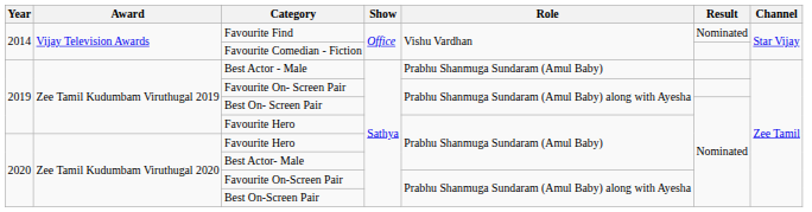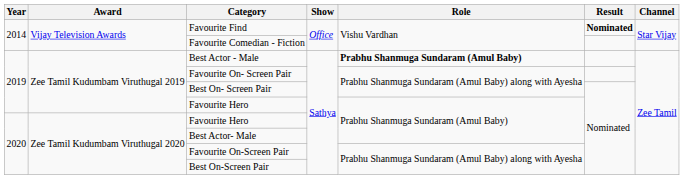 <table class = "wikitable">
 <tr>
 <th>Year</th>
 <th>Award</th>
 <th>Category</th>
 <th>Show</th>
 <th>Role</th>
 <th>Result</th>
 <th>Channel</th>
 </tr>
 <tr>
 <td rowspan="2">2014</td>
 <td rowspan="2"><a href='#'>Vijay Television Awards</a></td>
 <td>Favourite Find</td>
 <td rowspan="2"><em><a href='#'>Office</a></em></td>
 <td rowspan="2">Vishu Vardhan</td>
-<td>Nominated</td>
+<td><strong>Nominated</strong></td>
 <td rowspan="2"><a href='#'>Star Vijay</a></td>
 </tr>
 <tr>
 <td>Favourite Comedian - Fiction</td>
 <td></td>
 </tr>
 <tr>
 <td rowspan="4">2019</td>
 <td rowspan="4">Zee Tamil Kudumbam Viruthugal 2019</td>
 <td>Best Actor - Male</td>
 <td rowspan="8"><a href='#'>Sathya</a></td>
-<td>Prabhu Shanmuga Sundaram (Amul Baby)</td>
+<td><strong>Prabhu Shanmuga Sundaram (Amul Baby)</strong></td>
 <td></td>
 <td rowspan="8"><a href='#'>Zee Tamil</a></td>
 </tr>
 <tr>
 <td>Favourite On- Screen Pair</td>
 <td rowspan="2">Prabhu Shanmuga Sundaram (Amul Baby) along with Ayesha</td>
 <td></td>
 </tr>
 <tr>
 <td>Best On- Screen Pair</td>
 <td rowspan="6">Nominated</td>
 </tr>
 <tr>
 <td>Favourite Hero</td>
 <td rowspan="3">Prabhu Shanmuga Sundaram (Amul Baby)</td>
 </tr>
 <tr>
 <td rowspan="4">2020</td>
 <td rowspan="4">Zee Tamil Kudumbam Viruthugal 2020</td>
 <td>Favourite Hero</td>
 </tr>
 <tr>
 <td>Best Actor-  Male</td>
 </tr>
 <tr>
 <td>Favourite On-Screen Pair</td>
 <td rowspan="2">Prabhu Shanmuga Sundaram (Amul Baby) along with Ayesha</td>
 </tr>
 <tr>
 <td>Best On-Screen Pair</td>
 </tr>
 </table>
